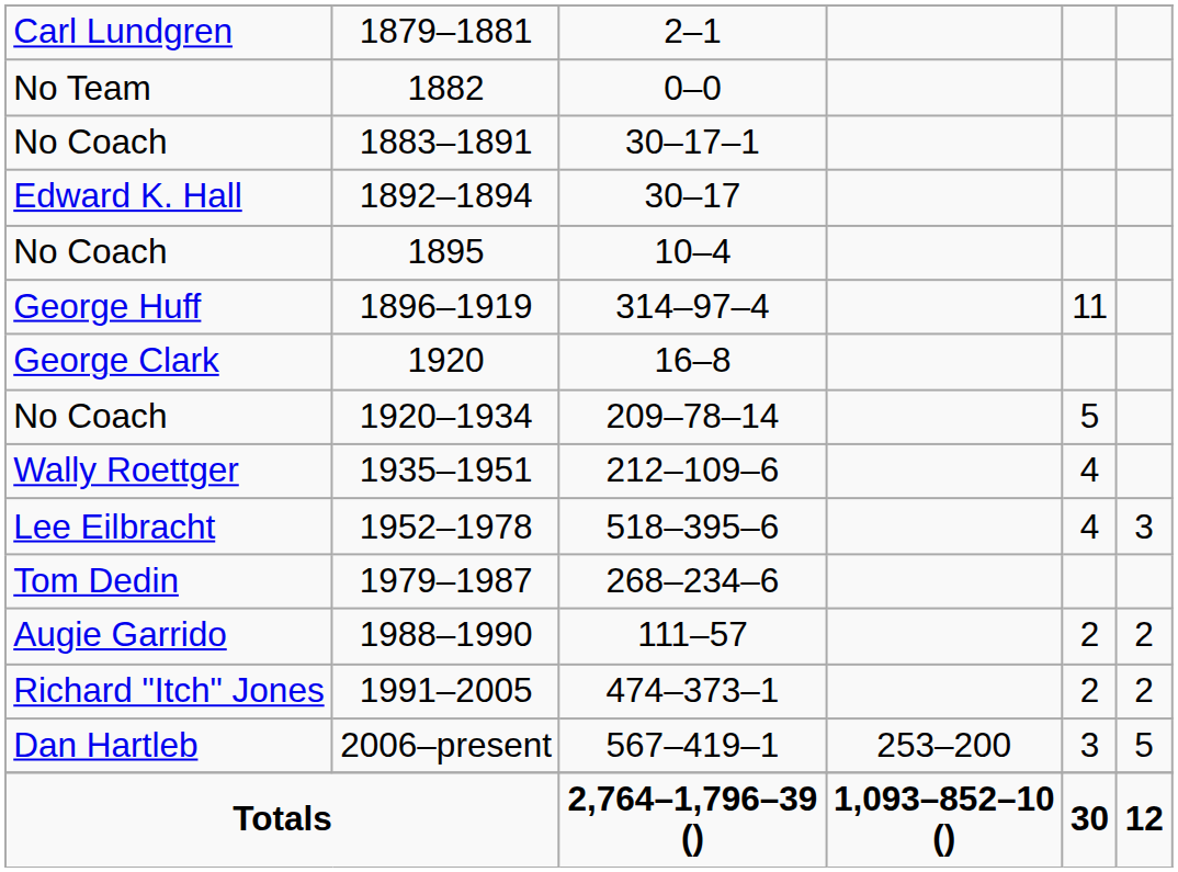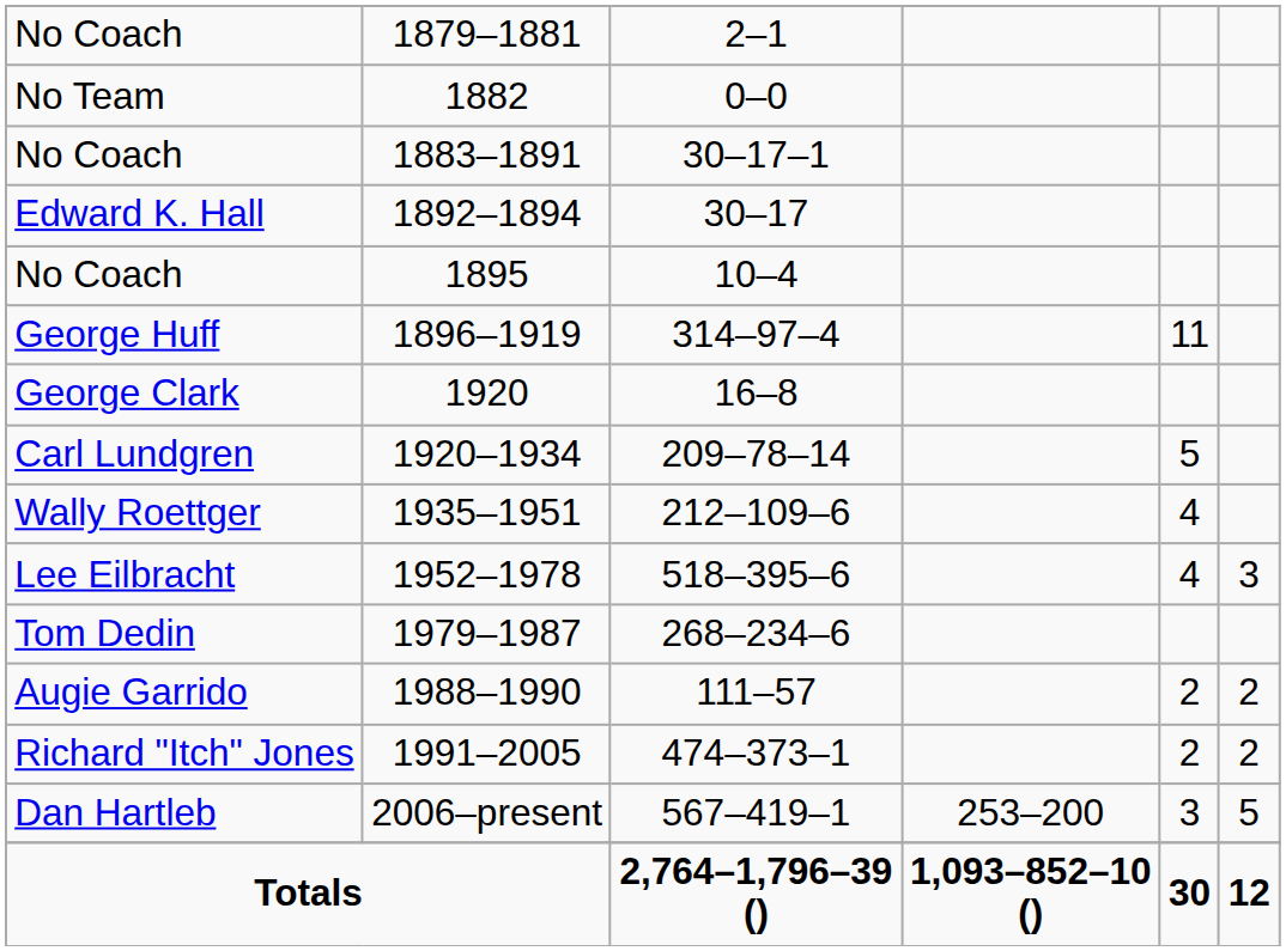 <table class="wikitable" style="text-align:center">
 <tr>
 </tr>
 <tr>
-<td style="text-align:left"><a href='#'>Carl Lundgren</a></td>
+<td style="text-align:left">No Coach</td>
 <td>1879–1881</td>
 <td>2–1</td>
 <td></td>
 <td></td>
 <td></td>
 </tr>
 <tr>
 <td style="text-align:left">No Team</td>
 <td>1882</td>
 <td>0–0</td>
 <td></td>
 <td></td>
 <td></td>
 </tr>
 <tr>
 <td style="text-align:left">No Coach</td>
 <td>1883–1891</td>
 <td>30–17–1</td>
 <td></td>
 <td></td>
 <td></td>
 </tr>
 <tr>
 <td style="text-align:left"><a href='#'>Edward K. Hall</a></td>
 <td>1892–1894</td>
 <td>30–17</td>
 <td></td>
 <td></td>
 <td></td>
 </tr>
 <tr>
 <td style="text-align:left">No Coach</td>
 <td>1895</td>
 <td>10–4</td>
 <td></td>
 <td></td>
 <td></td>
 </tr>
 <tr>
 <td style="text-align:left"><a href='#'>George Huff</a></td>
 <td>1896–1919</td>
 <td>314–97–4</td>
 <td></td>
 <td>11</td>
 <td></td>
 </tr>
 <tr>
 <td style="text-align:left"><a href='#'>George Clark</a></td>
 <td>1920</td>
 <td>16–8</td>
 <td></td>
 <td></td>
 <td></td>
 </tr>
 <tr>
-<td style="text-align:left">No Coach</td>
+<td style="text-align:left"><a href='#'>Carl Lundgren</a></td>
 <td>1920–1934</td>
 <td>209–78–14</td>
 <td></td>
 <td>5</td>
 <td></td>
 </tr>
 <tr>
 <td style="text-align:left"><a href='#'>Wally Roettger</a></td>
 <td>1935–1951</td>
 <td>212–109–6</td>
 <td></td>
 <td>4</td>
 <td></td>
 </tr>
 <tr>
 <td style="text-align:left"><a href='#'>Lee Eilbracht</a></td>
 <td>1952–1978</td>
 <td>518–395–6</td>
 <td></td>
 <td>4</td>
 <td>3</td>
 </tr>
 <tr>
 <td style="text-align:left"><a href='#'>Tom Dedin</a></td>
 <td>1979–1987</td>
 <td>268–234–6</td>
 <td></td>
 <td></td>
 <td></td>
 </tr>
 <tr>
 <td style="text-align:left"><a href='#'>Augie Garrido</a></td>
 <td>1988–1990</td>
 <td>111–57</td>
 <td></td>
 <td>2</td>
 <td>2</td>
 </tr>
 <tr>
 <td style="text-align:left"><a href='#'>Richard "Itch" Jones</a></td>
 <td>1991–2005</td>
 <td>474–373–1</td>
 <td></td>
 <td>2</td>
 <td>2</td>
 </tr>
 <tr>
 <td style="text-align:left"><a href='#'>Dan Hartleb</a></td>
 <td>2006–present</td>
 <td>567–419–1</td>
 <td>253–200</td>
 <td>3</td>
 <td>5</td>
 </tr>
 <tr>
 </tr>
 <tr style="text-align:center; ">
 <td colspan="2"><strong>Totals</strong></td>
 <td><strong>2,764–1,796–39<br>()</strong></td>
 <td><strong>1,093–852–10<br>()</strong></td>
 <td><strong>30</strong></td>
 <td><strong>12</strong></td>
 </tr>
 </table>
